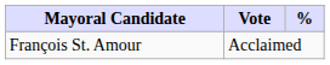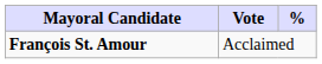 <table class="wikitable">
 <tr>
 <th style="background:#ddf; width:200px;">Mayoral Candidate </th>
 <th style="background:#ddf; width:50px;">Vote</th>
 <th style="background:#ddf; width:30px;">%</th>
 </tr>
 <tr>
-<td>François St. Amour</td>
+<td><strong>François St. Amour</strong></td>
 <td colspan="2">Acclaimed</td>
 </tr>
 </table>
